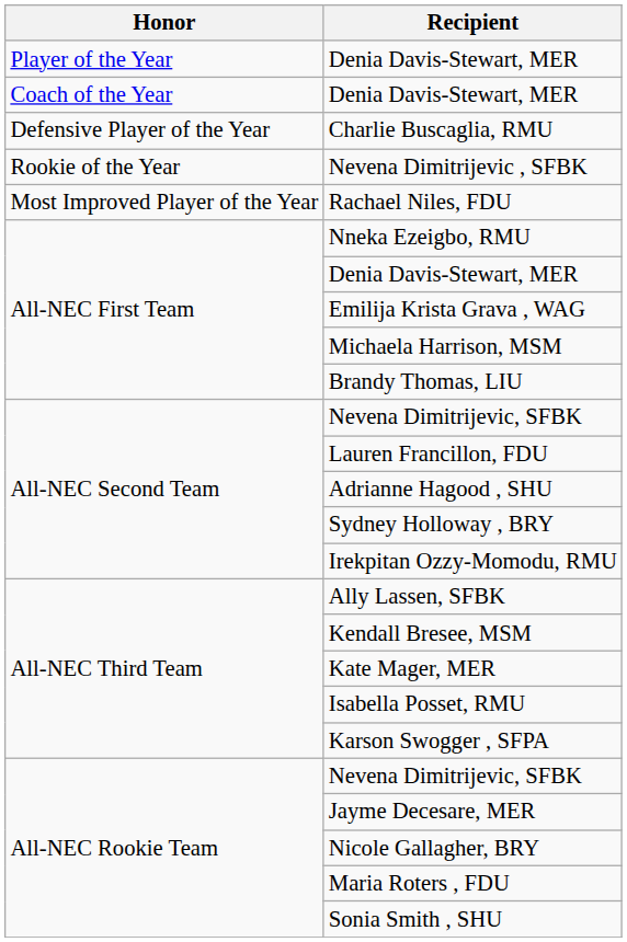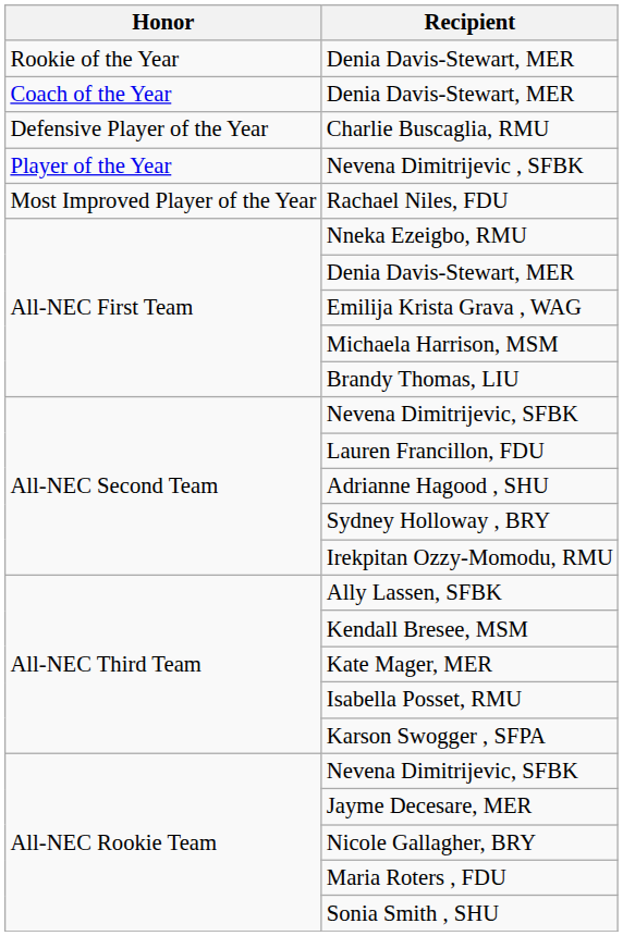 <table class="wikitable" border="1">
 <tr>
 <th>Honor</th>
 <th>Recipient</th>
 </tr>
 <tr>
-<td><a href='#'>Player of the Year</a></td>
+<td>Rookie of the Year</td>
 <td>Denia Davis-Stewart, MER</td>
 </tr>
 <tr>
 <td><a href='#'>Coach of the Year</a></td>
 <td>Denia Davis-Stewart, MER</td>
 </tr>
 <tr>
 <td>Defensive Player of the Year</td>
 <td>Charlie Buscaglia, RMU</td>
 </tr>
 <tr>
-<td>Rookie of the Year</td>
+<td><a href='#'>Player of the Year</a></td>
 <td>Nevena Dimitrijevic , SFBK</td>
 </tr>
 <tr>
 <td>Most Improved Player of the Year</td>
 <td>Rachael Niles, FDU</td>
 </tr>
 <tr>
 <td rowspan="5" valign="middle">All-NEC First Team</td>
 <td>Nneka Ezeigbo, RMU</td>
 </tr>
 <tr>
 <td>Denia Davis-Stewart, MER</td>
 </tr>
 <tr>
 <td>Emilija Krista Grava , WAG</td>
 </tr>
 <tr>
 <td>Michaela Harrison, MSM</td>
 </tr>
 <tr>
 <td>Brandy Thomas, LIU</td>
 </tr>
 <tr>
 <td rowspan="5" valign="middle">All-NEC Second Team</td>
 <td>Nevena Dimitrijevic, SFBK</td>
 </tr>
 <tr>
 <td>Lauren Francillon, FDU</td>
 </tr>
 <tr>
 <td>Adrianne Hagood , SHU</td>
 </tr>
 <tr>
 <td>Sydney Holloway , BRY</td>
 </tr>
 <tr>
 <td>Irekpitan Ozzy-Momodu, RMU</td>
 </tr>
 <tr>
 <td rowspan="5" valign="middle">All-NEC Third Team</td>
 <td>Ally Lassen, SFBK</td>
 </tr>
 <tr>
 <td>Kendall Bresee, MSM</td>
 </tr>
 <tr>
 <td>Kate Mager, MER</td>
 </tr>
 <tr>
 <td>Isabella Posset, RMU</td>
 </tr>
 <tr>
 <td>Karson Swogger , SFPA</td>
 </tr>
 <tr>
 <td rowspan="5" valign="middle">All-NEC Rookie Team</td>
 <td>Nevena Dimitrijevic, SFBK</td>
 </tr>
 <tr>
 <td>Jayme Decesare, MER</td>
 </tr>
 <tr>
 <td>Nicole Gallagher, BRY</td>
 </tr>
 <tr>
 <td>Maria Roters , FDU</td>
 </tr>
 <tr>
 <td>Sonia Smith , SHU</td>
 </tr>
 <tr>
 </tr>
 </table>
